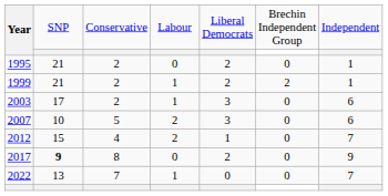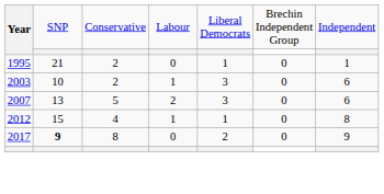 <table class=wikitable style=text-align:center>
 <tr>
 <th rowspan=2>Year</th>
 <td width="60"><a href='#'>SNP</a></td>
 <td width="60"><a href='#'>Conservative</a></td>
 <td width="60"><a href='#'>Labour</a></td>
 <td width="60"><a href='#'>Liberal Democrats</a></td>
 <td width="60">Brechin Independent Group</td>
 <td width="60"><a href='#'>Independent</a></td>
 </tr>
 <tr>
 <th style="background-color: "></th>
 <th style="background-color: "></th>
 <th style="background-color: "></th>
 <th style="background-color: "></th>
 <th style="background-color: #FFFFFF; width: 3px;"></th>
 <th style="background-color: "></th>
 </tr>
 <tr>
 <td><a href='#'>1995</a></td>
 <td>21</td>
 <td>2</td>
 <td>0</td>
-<td>2</td>
+<td>1</td>
 <td>0</td>
 <td>1</td>
 </tr>
 <tr>
-<td><a href='#'>1999</a></td>
-<td>21</td>
-<td>2</td>
-<td>1</td>
-<td>2</td>
-<td>2</td>
-<td>1</td>
-</tr>
-<tr>
 <td><a href='#'>2003</a></td>
-<td>17</td>
+<td>10</td>
 <td>2</td>
 <td>1</td>
 <td>3</td>
 <td>0</td>
 <td>6</td>
 </tr>
 <tr>
 <td><a href='#'>2007</a></td>
-<td>10</td>
+<td>13</td>
 <td>5</td>
 <td>2</td>
 <td>3</td>
 <td>0</td>
 <td>6</td>
 </tr>
 <tr>
 <td><a href='#'>2012</a></td>
 <td>15</td>
 <td>4</td>
-<td>2</td>
+<td>1</td>
 <td>1</td>
 <td>0</td>
-<td>7</td>
+<td>8</td>
 </tr>
 <tr>
 <td><a href='#'>2017</a></td>
 <td><strong>9</strong></td>
 <td>8</td>
 <td>0</td>
 <td>2</td>
 <td>0</td>
 <td>9</td>
 </tr>
 <tr>
-<td><a href='#'>2022</a></td>
-<td>13</td>
-<td>7</td>
-<td>1</td>
-<td>0</td>
-<td>0</td>
-<td>7</td>
-</tr>
-<tr>
 <th></th>
 <th style="background-color: "></th>
 <th style="background-color: "></th>
 <th style="background-color: "></th>
 <th style="background-color: "></th>
 <th style="background-color: #FFFFFF; width: 3px;"></th>
 <th style="background-color: "></th>
 </tr>
 </table>
